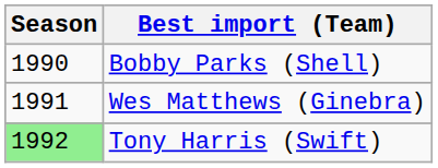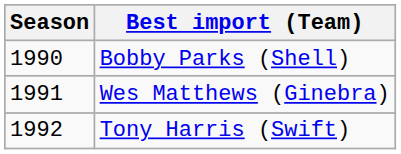 <table class="wikitable">
 <tr>
 <th>Season</th>
 <th><a href='#'>Best import</a> (Team)</th>
 </tr>
 <tr>
 <td>1990</td>
 <td> <a href='#'>Bobby Parks</a> (<a href='#'>Shell</a>)</td>
 </tr>
 <tr>
 <td>1991</td>
 <td> <a href='#'>Wes Matthews</a> (<a href='#'>Ginebra</a>)</td>
 </tr>
 <tr>
-<td style="background: lightgreen;">1992</td>
+<td>1992</td>
 <td> <a href='#'>Tony Harris</a> (<a href='#'>Swift</a>)</td>
 </tr>
 </table>
